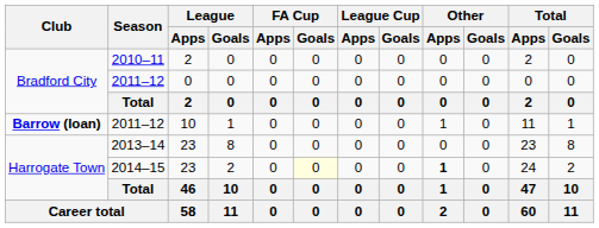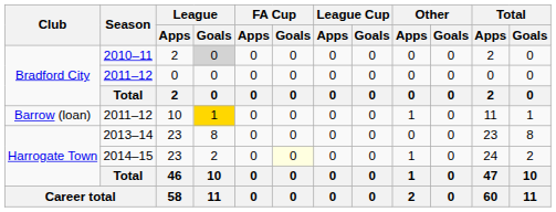 <table class="wikitable" style="text-align: center;">
 <tr>
 <th rowspan="2">Club</th>
 <th rowspan="2">Season</th>
 <th colspan="2">League</th>
 <th colspan="2">FA Cup</th>
 <th colspan="2">League Cup</th>
 <th colspan="2">Other</th>
 <th colspan="2">Total</th>
 </tr>
 <tr>
 <th>Apps</th>
 <th>Goals</th>
 <th>Apps</th>
 <th>Goals</th>
 <th>Apps</th>
 <th>Goals</th>
 <th>Apps</th>
 <th>Goals</th>
 <th>Apps</th>
 <th>Goals</th>
 </tr>
 <tr>
 <td rowspan="3" valign="center"><a href='#'>Bradford City</a></td>
 <td><a href='#'>2010–11</a></td>
 <td>2</td>
-<td>0</td>
+<td style="background: lightgrey;">0</td>
 <td>0</td>
 <td>0</td>
 <td>0</td>
 <td>0</td>
 <td>0</td>
 <td>0</td>
 <td>2</td>
 <td>0</td>
 </tr>
 <tr>
 <td><a href='#'>2011–12</a></td>
 <td>0</td>
 <td>0</td>
 <td>0</td>
 <td>0</td>
 <td>0</td>
 <td>0</td>
 <td>0</td>
 <td>0</td>
 <td>0</td>
 <td>0</td>
 </tr>
 <tr>
 <th>Total</th>
 <th>2</th>
 <th>0</th>
 <th>0</th>
 <th>0</th>
 <th>0</th>
 <th>0</th>
 <th>0</th>
 <th>0</th>
 <th>2</th>
 <th>0</th>
 </tr>
 <tr>
-<td rowspan="1" valign="center"><strong><a href='#'>Barrow</a> (loan)</strong></td>
+<td rowspan="1" valign="center"><a href='#'>Barrow</a> (loan)</td>
 <td>2011–12</td>
 <td>10</td>
-<td>1</td>
+<td style="background: gold;">1</td>
 <td>0</td>
 <td>0</td>
 <td>0</td>
 <td>0</td>
 <td>1</td>
 <td>0</td>
 <td>11</td>
 <td>1</td>
 </tr>
 <tr>
 <td rowspan="3" valign="center"><a href='#'>Harrogate Town</a></td>
 <td>2013–14</td>
 <td>23</td>
 <td>8</td>
 <td>0</td>
 <td>0</td>
 <td>0</td>
 <td>0</td>
 <td>0</td>
 <td>0</td>
 <td>23</td>
 <td>8</td>
 </tr>
 <tr>
 <td>2014–15</td>
 <td>23</td>
 <td>2</td>
 <td>0</td>
 <td style="background: lightyellow;">0</td>
 <td>0</td>
 <td>0</td>
-<td><strong>1</strong></td>
+<td>1</td>
 <td>0</td>
 <td>24</td>
 <td>2</td>
 </tr>
 <tr>
 <th>Total</th>
 <th>46</th>
 <th>10</th>
 <th>0</th>
 <th>0</th>
 <th>0</th>
 <th>0</th>
 <th>1</th>
 <th>0</th>
 <th>47</th>
 <th>10</th>
 </tr>
 <tr>
 <th colspan="2">Career total</th>
 <th>58</th>
 <th>11</th>
 <th>0</th>
 <th>0</th>
 <th>0</th>
 <th>0</th>
 <th>2</th>
 <th>0</th>
 <th>60</th>
 <th>11</th>
 </tr>
 </table>
